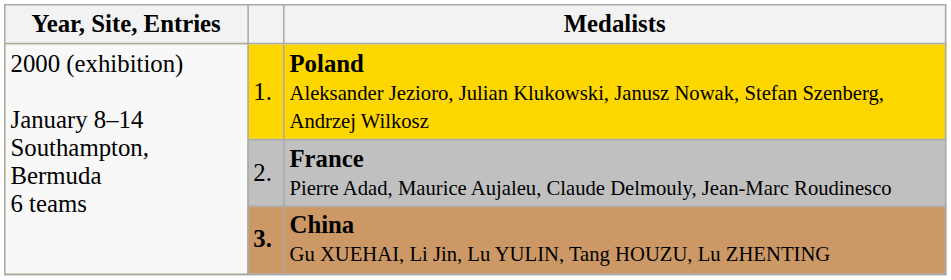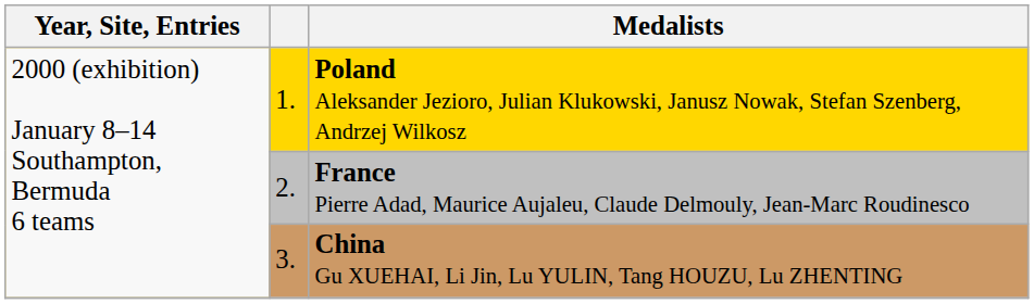 <table class="wikitable">
 <tr>
 <th>Year, Site, Entries</th>
 <th></th>
 <th>Medalists</th>
 </tr>
 <tr bgcolor="gold">
 <td rowspan=3 bgcolor=f8f8f8 valign="Top">2000 (exhibition)<br><br>January 8–14<br>Southampton, Bermuda  <br>6 teams</td>
 <td>1. </td>
 <td> <strong>Poland</strong> <br><small>Aleksander Jezioro, Julian Klukowski, Janusz Nowak, Stefan Szenberg, Andrzej Wilkosz  </small></td>
 </tr>
 <tr bgcolor="silver">
 <td>2.</td>
 <td> <strong>France</strong> <br><small>Pierre Adad, Maurice Aujaleu, Claude Delmouly, Jean-Marc Roudinesco</small></td>
 </tr>
 <tr bgcolor="cc9966">
-<td><strong>3.</strong></td>
+<td>3.</td>
 <td> <strong>China</strong> <br><small>Gu XUEHAI, Li Jin, Lu YULIN, Tang HOUZU, Lu ZHENTING</small></td>
 </tr>
 <tr>
 </tr>
 </table>
